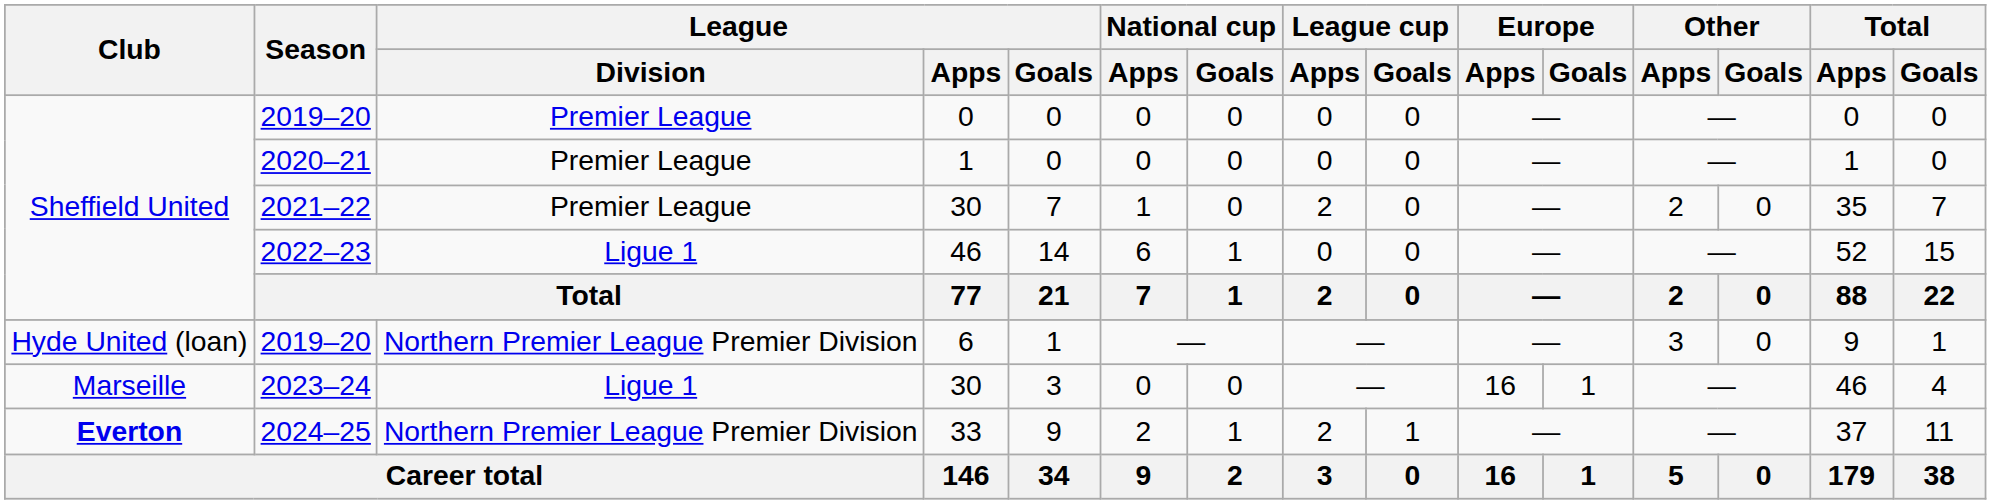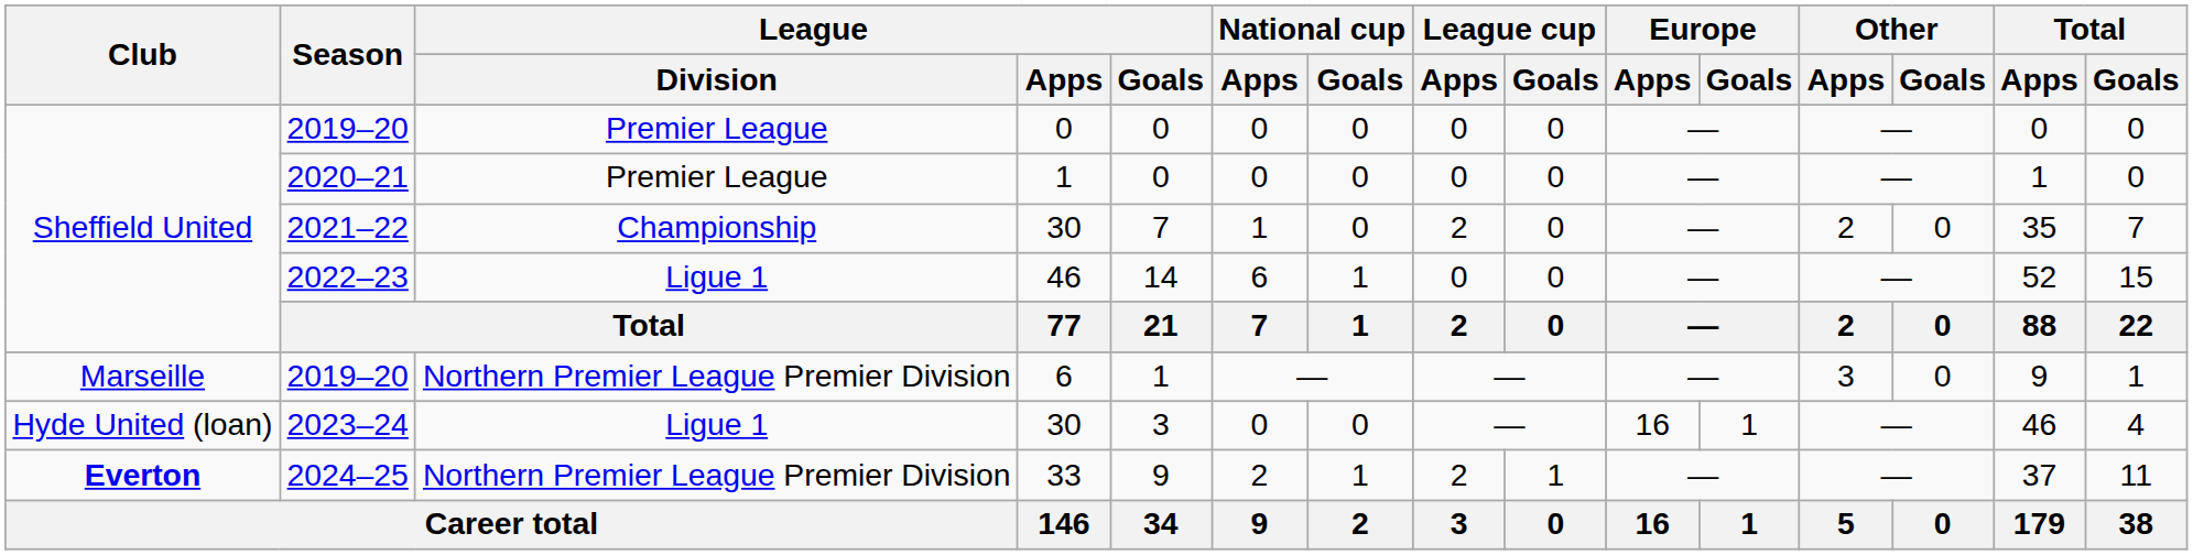 <table class="wikitable" style="text-align: center;">
 <tr>
 <th rowspan="2">Club</th>
 <th rowspan="2">Season</th>
 <th colspan="3">League</th>
 <th colspan="2">National cup</th>
 <th colspan="2">League cup</th>
 <th colspan="2">Europe</th>
 <th colspan="2">Other</th>
 <th colspan="2">Total</th>
 </tr>
 <tr>
 <th>Division</th>
 <th>Apps</th>
 <th>Goals</th>
 <th>Apps</th>
 <th>Goals</th>
 <th>Apps</th>
 <th>Goals</th>
 <th>Apps</th>
 <th>Goals</th>
 <th>Apps</th>
 <th>Goals</th>
 <th>Apps</th>
 <th>Goals</th>
 </tr>
 <tr>
 <td rowspan="5"><a href='#'>Sheffield United</a></td>
 <td><a href='#'>2019–20</a></td>
 <td><a href='#'>Premier League</a></td>
 <td>0</td>
 <td>0</td>
 <td>0</td>
 <td>0</td>
 <td>0</td>
 <td>0</td>
 <td colspan="2">—</td>
 <td colspan="2">—</td>
 <td>0</td>
 <td>0</td>
 </tr>
 <tr>
 <td><a href='#'>2020–21</a></td>
 <td>Premier League</td>
 <td>1</td>
 <td>0</td>
 <td>0</td>
 <td>0</td>
 <td>0</td>
 <td>0</td>
 <td colspan="2">—</td>
 <td colspan="2">—</td>
 <td>1</td>
 <td>0</td>
 </tr>
 <tr>
 <td><a href='#'>2021–22</a></td>
-<td>Premier League</td>
+<td><a href='#'>Championship</a></td>
 <td>30</td>
 <td>7</td>
 <td>1</td>
 <td>0</td>
 <td>2</td>
 <td>0</td>
 <td colspan="2">—</td>
 <td>2</td>
 <td>0</td>
 <td>35</td>
 <td>7</td>
 </tr>
 <tr>
 <td><a href='#'>2022–23</a></td>
 <td><a href='#'>Ligue 1</a></td>
 <td>46</td>
 <td>14</td>
 <td>6</td>
 <td>1</td>
 <td>0</td>
 <td>0</td>
 <td colspan="2">—</td>
 <td colspan="2">—</td>
 <td>52</td>
 <td>15</td>
 </tr>
 <tr>
 <th colspan="2">Total</th>
 <th>77</th>
 <th>21</th>
 <th>7</th>
 <th>1</th>
 <th>2</th>
 <th>0</th>
 <th colspan="2">—</th>
 <th>2</th>
 <th>0</th>
 <th>88</th>
 <th>22</th>
 </tr>
 <tr>
-<td><a href='#'>Hyde United</a> (loan)</td>
+<td><a href='#'>Marseille</a></td>
 <td><a href='#'>2019–20</a></td>
 <td><a href='#'>Northern Premier League</a> Premier Division</td>
 <td>6</td>
 <td>1</td>
 <td colspan="2">—</td>
 <td colspan="2">—</td>
 <td colspan="2">—</td>
 <td>3</td>
 <td>0</td>
 <td>9</td>
 <td>1</td>
 </tr>
 <tr>
-<td><a href='#'>Marseille</a></td>
+<td><a href='#'>Hyde United</a> (loan)</td>
 <td><a href='#'>2023–24</a></td>
 <td><a href='#'>Ligue 1</a></td>
 <td>30</td>
 <td>3</td>
 <td>0</td>
 <td>0</td>
 <td colspan="2">—</td>
 <td>16</td>
 <td>1</td>
 <td colspan="2">—</td>
 <td>46</td>
 <td>4</td>
 </tr>
 <tr>
 <td><strong><a href='#'>Everton</a></strong></td>
 <td><a href='#'>2024–25</a></td>
 <td><a href='#'>Northern Premier League</a> Premier Division</td>
 <td>33</td>
 <td>9</td>
 <td>2</td>
 <td>1</td>
 <td>2</td>
 <td>1</td>
 <td colspan="2">—</td>
 <td colspan="2">—</td>
 <td>37</td>
 <td>11</td>
 </tr>
 <tr>
 <th colspan="3">Career total</th>
 <th>146</th>
 <th>34</th>
 <th>9</th>
 <th>2</th>
 <th>3</th>
 <th>0</th>
 <th>16</th>
 <th>1</th>
 <th>5</th>
 <th>0</th>
 <th>179</th>
 <th>38</th>
 </tr>
 </table>
